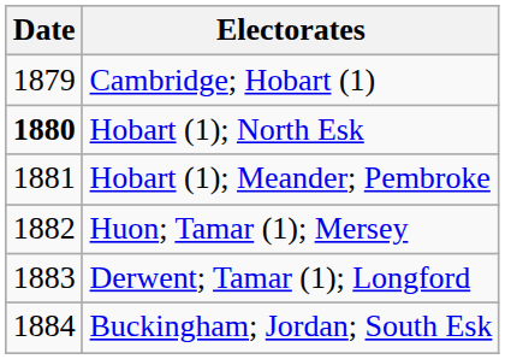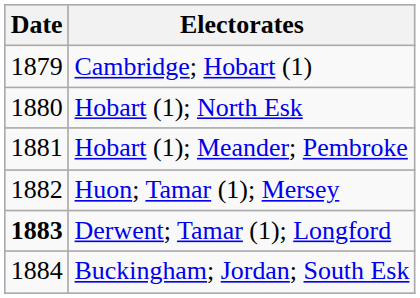 <table class=wikitable>
 <tr>
 <th>Date</th>
 <th>Electorates</th>
 </tr>
 <tr>
 <td>1879</td>
 <td><a href='#'>Cambridge</a>; <a href='#'>Hobart</a> (1)</td>
 </tr>
 <tr>
-<td><strong>1880</strong></td>
+<td>1880</td>
 <td><a href='#'>Hobart</a> (1); <a href='#'>North Esk</a></td>
 </tr>
 <tr>
 <td>1881</td>
 <td><a href='#'>Hobart</a> (1); <a href='#'>Meander</a>; <a href='#'>Pembroke</a></td>
 </tr>
 <tr>
 <td>1882</td>
 <td><a href='#'>Huon</a>; <a href='#'>Tamar</a> (1); <a href='#'>Mersey</a></td>
 </tr>
 <tr>
-<td>1883</td>
+<td><strong>1883</strong></td>
 <td><a href='#'>Derwent</a>; <a href='#'>Tamar</a> (1); <a href='#'>Longford</a></td>
 </tr>
 <tr>
 <td>1884</td>
 <td><a href='#'>Buckingham</a>; <a href='#'>Jordan</a>; <a href='#'>South Esk</a></td>
 </tr>
 </table>
